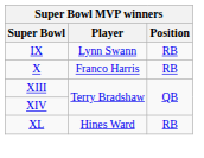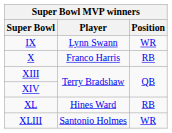 <table class="wikitable" style="text-align:center">
 <tr>
 <th colspan="3">Super Bowl MVP winners</th>
 </tr>
 <tr>
 <th>Super Bowl</th>
 <th>Player</th>
 <th>Position</th>
 </tr>
 <tr>
 <td><a href='#'>IX</a></td>
 <td><a href='#'>Lynn Swann</a></td>
-<td><a href='#'>RB</a></td>
+<td><a href='#'>WR</a></td>
 </tr>
 <tr>
 <td><a href='#'>X</a></td>
 <td><a href='#'>Franco Harris</a></td>
 <td><a href='#'>RB</a></td>
 </tr>
 <tr>
 <td><a href='#'>XIII</a></td>
 <td rowspan=2><a href='#'>Terry Bradshaw</a></td>
 <td rowspan=2><a href='#'>QB</a></td>
 </tr>
 <tr>
 <td><a href='#'>XIV</a></td>
 </tr>
 <tr>
 <td><a href='#'>XL</a></td>
 <td><a href='#'>Hines Ward</a></td>
 <td><a href='#'>RB</a></td>
 </tr>
+<tr>
+<td><a href='#'>XLIII</a></td>
+<td><a href='#'>Santonio Holmes</a></td>
+<td><a href='#'>WR</a></td>
+</tr>
 </table>
